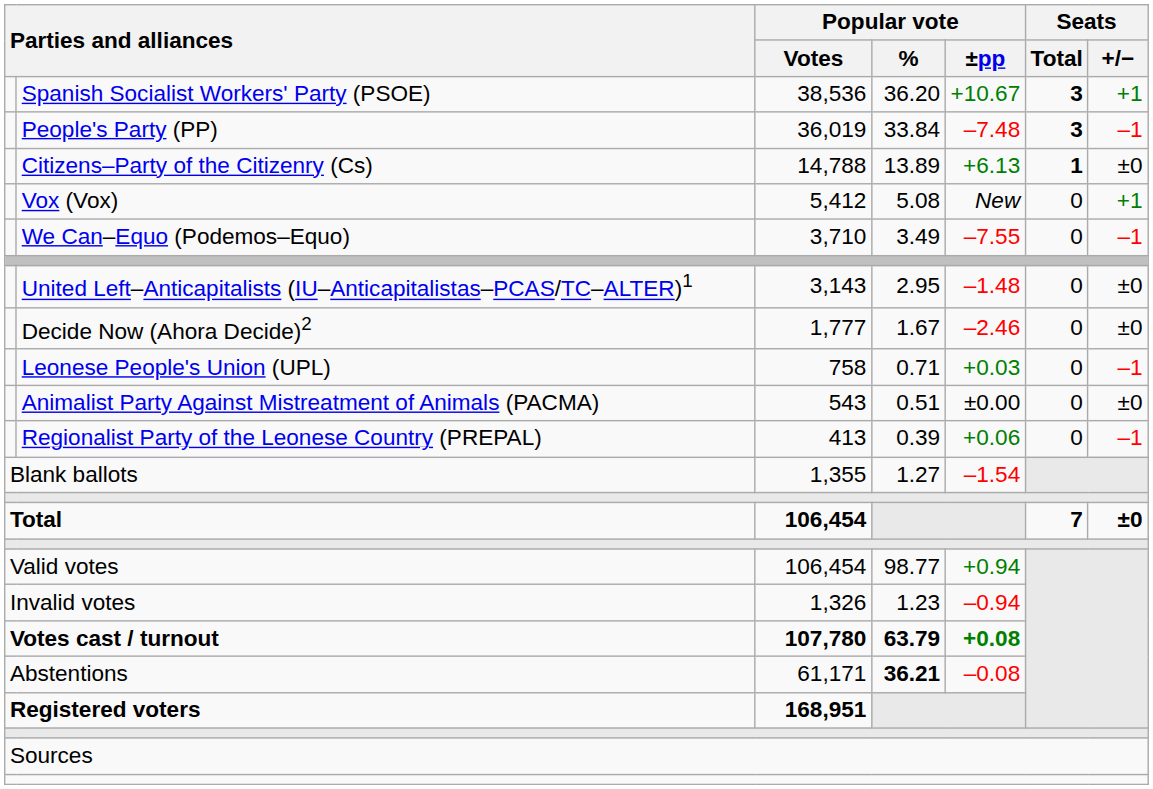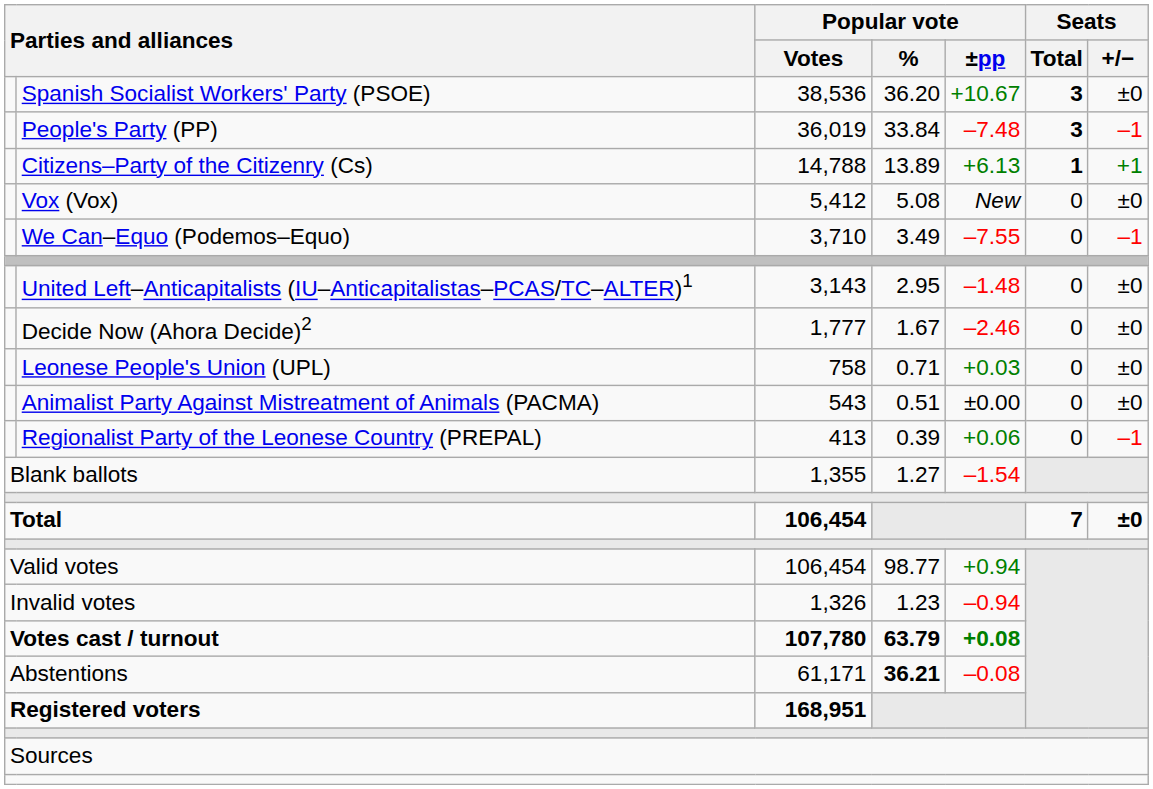 <table class="wikitable" style="text-align:right;">
 <tr>
 <th style="text-align:left;" rowspan="2" colspan="2" width="525">Parties and alliances</th>
 <th colspan="3">Popular vote</th>
 <th colspan="2">Seats</th>
 </tr>
 <tr>
 <th width="75">Votes</th>
 <th width="45">%</th>
 <th width="45">±<a href='#'>pp</a></th>
 <th width="35">Total</th>
 <th width="35">+/−</th>
 </tr>
 <tr>
 <td width="1" style="color:inherit;background:"></td>
 <td align="left"><a href='#'>Spanish Socialist Workers' Party</a> (PSOE)</td>
 <td>38,536</td>
 <td>36.20</td>
 <td style="color:green;">+10.67</td>
 <td><strong>3</strong></td>
-<td style="color:green;">+1</td>
+<td>±0</td>
 </tr>
 <tr>
 <td style="color:inherit;background:"></td>
 <td align="left"><a href='#'>People's Party</a> (PP)</td>
 <td>36,019</td>
 <td>33.84</td>
 <td style="color:red;">–7.48</td>
 <td><strong>3</strong></td>
 <td style="color:red;">–1</td>
 </tr>
 <tr>
 <td style="color:inherit;background:"></td>
 <td align="left"><a href='#'>Citizens–Party of the Citizenry</a> (Cs)</td>
 <td>14,788</td>
 <td>13.89</td>
 <td style="color:green;">+6.13</td>
 <td><strong>1</strong></td>
-<td>±0</td>
+<td style="color:green;">+1</td>
 </tr>
 <tr>
 <td style="color:inherit;background:"></td>
 <td align="left"><a href='#'>Vox</a> (Vox)</td>
 <td>5,412</td>
 <td>5.08</td>
 <td><em>New</em></td>
 <td>0</td>
-<td style="color:green;">+1</td>
+<td>±0</td>
 </tr>
 <tr>
 <td style="color:inherit;background:"></td>
 <td align="left"><a href='#'>We Can</a>–<a href='#'>Equo</a> (Podemos–Equo)</td>
 <td>3,710</td>
 <td>3.49</td>
 <td style="color:red;">–7.55</td>
 <td>0</td>
 <td style="color:red;">–1</td>
 </tr>
 <tr>
 <td colspan="7" bgcolor="#C0C0C0"></td>
 </tr>
 <tr>
 <td style="color:inherit;background:"></td>
 <td align="left"><a href='#'>United Left</a>–<a href='#'>Anticapitalists</a> (<a href='#'>IU</a>–<a href='#'>Anticapitalistas</a>–<a href='#'>PCAS</a>/<a href='#'>TC</a>–<a href='#'>ALTER</a>)<sup>1</sup></td>
 <td>3,143</td>
 <td>2.95</td>
 <td style="color:red;">–1.48</td>
 <td>0</td>
 <td>±0</td>
 </tr>
 <tr>
 <td style="color:inherit;background:"></td>
 <td align="left">Decide Now (Ahora Decide)<sup>2</sup></td>
 <td>1,777</td>
 <td>1.67</td>
 <td style="color:red;">–2.46</td>
 <td>0</td>
 <td>±0</td>
 </tr>
 <tr>
 <td style="color:inherit;background:"></td>
 <td align="left"><a href='#'>Leonese People's Union</a> (UPL)</td>
 <td>758</td>
 <td>0.71</td>
 <td style="color:green;">+0.03</td>
 <td>0</td>
-<td style="color:red;">–1</td>
+<td>±0</td>
 </tr>
 <tr>
 <td style="color:inherit;background:"></td>
 <td align="left"><a href='#'>Animalist Party Against Mistreatment of Animals</a> (PACMA)</td>
 <td>543</td>
 <td>0.51</td>
 <td>±0.00</td>
 <td>0</td>
 <td>±0</td>
 </tr>
 <tr>
 <td style="color:inherit;background:"></td>
 <td align="left"><a href='#'>Regionalist Party of the Leonese Country</a> (PREPAL)</td>
 <td>413</td>
 <td>0.39</td>
 <td style="color:green;">+0.06</td>
 <td>0</td>
 <td style="color:red;">–1</td>
 </tr>
 <tr>
 <td align="left" colspan="2">Blank ballots</td>
 <td>1,355</td>
 <td>1.27</td>
 <td style="color:red;">–1.54</td>
 <td bgcolor="#E9E9E9" colspan="2"></td>
 </tr>
 <tr>
 <td colspan="7" bgcolor="#E9E9E9"></td>
 </tr>
 <tr style="font-weight:bold;">
 <td align="left" colspan="2">Total</td>
 <td>106,454</td>
 <td bgcolor="#E9E9E9" colspan="2"></td>
 <td>7</td>
 <td>±0</td>
 </tr>
 <tr>
 <td colspan="7" bgcolor="#E9E9E9"></td>
 </tr>
 <tr>
 <td align="left" colspan="2">Valid votes</td>
 <td>106,454</td>
 <td>98.77</td>
 <td style="color:green;">+0.94</td>
 <td bgcolor="#E9E9E9" colspan="2" rowspan="5"></td>
 </tr>
 <tr>
 <td align="left" colspan="2">Invalid votes</td>
 <td>1,326</td>
 <td>1.23</td>
 <td style="color:red;">–0.94</td>
 </tr>
 <tr style="font-weight:bold;">
 <td align="left" colspan="2">Votes cast / turnout</td>
 <td>107,780</td>
 <td>63.79</td>
 <td style="color:green;">+0.08</td>
 </tr>
 <tr>
 <td align="left" colspan="2">Abstentions</td>
 <td>61,171</td>
 <td><strong>36.21</strong></td>
 <td style="color:red;">–0.08</td>
 </tr>
 <tr style="font-weight:bold;">
 <td align="left" colspan="2">Registered voters</td>
 <td>168,951</td>
 <td bgcolor="#E9E9E9" colspan="2"></td>
 </tr>
 <tr>
 <td colspan="7" bgcolor="#E9E9E9"></td>
 </tr>
 <tr>
 <td align="left" colspan="7">Sources</td>
 </tr>
 <tr>
 <td colspan="7" style="text-align:left; max-width:790px;"></td>
 </tr>
 </table>
